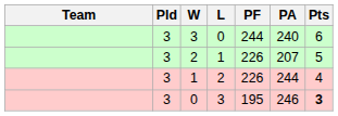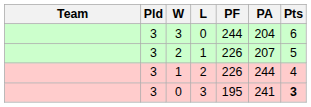 <table class="wikitable" style="text-align:center;">
 <tr>
 <th width=170>Team</th>
 <th width=25>Pld</th>
 <th width=25>W</th>
 <th width=25>L</th>
 <th width=35>PF</th>
 <th width=35>PA</th>
 <th width=25>Pts</th>
 </tr>
 <tr bgcolor=#ccffcc>
 <td align="left"></td>
 <td>3</td>
 <td>3</td>
 <td>0</td>
 <td>244</td>
-<td>240</td>
+<td>204</td>
 <td>6</td>
 </tr>
 <tr bgcolor=#ccffcc>
 <td align="left"></td>
 <td>3</td>
 <td>2</td>
 <td>1</td>
 <td>226</td>
 <td>207</td>
 <td>5</td>
 </tr>
 <tr bgcolor=#ffcccc>
 <td align="left"></td>
 <td>3</td>
 <td>1</td>
 <td>2</td>
 <td>226</td>
 <td>244</td>
 <td>4</td>
 </tr>
 <tr bgcolor=#ffcccc>
 <td align="left"></td>
 <td>3</td>
 <td>0</td>
 <td>3</td>
 <td>195</td>
-<td>246</td>
+<td>241</td>
 <td><strong>3</strong></td>
 </tr>
 </table>
